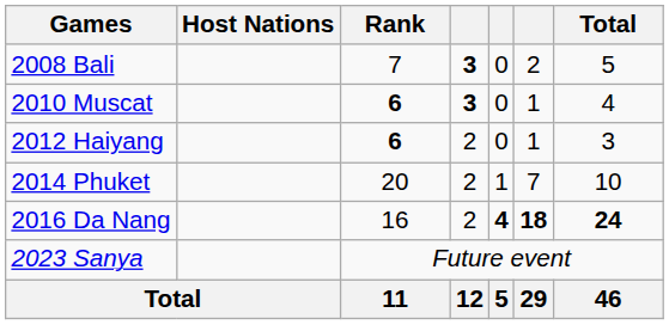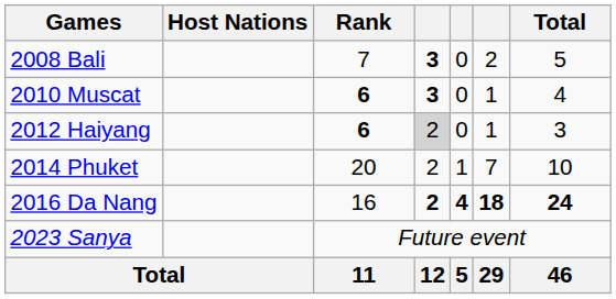 <table class="wikitable sortable" style="margin-top:0; text-align:center;">
 <tr>
 <th>Games</th>
 <th>Host Nations</th>
 <th style="width:4em;">Rank<br></th>
 <th></th>
 <th></th>
 <th></th>
 <th style="width:4em;">Total</th>
 </tr>
 <tr>
 <td align=left><a href='#'>2008 Bali</a></td>
 <td></td>
 <td>7</td>
 <td><strong>3</strong></td>
 <td>0</td>
 <td>2</td>
 <td>5</td>
 </tr>
 <tr>
 <td align=left><a href='#'>2010 Muscat</a></td>
 <td></td>
 <td><strong>6</strong></td>
 <td><strong>3</strong></td>
 <td>0</td>
 <td>1</td>
 <td>4</td>
 </tr>
 <tr>
 <td align=left><a href='#'>2012 Haiyang</a></td>
 <td></td>
 <td><strong>6</strong></td>
-<td>2</td>
+<td style="background: lightgrey;">2</td>
 <td>0</td>
 <td>1</td>
 <td>3</td>
 </tr>
 <tr>
 <td align=left><a href='#'>2014 Phuket</a></td>
 <td></td>
 <td>20</td>
 <td>2</td>
 <td>1</td>
 <td>7</td>
 <td>10</td>
 </tr>
 <tr>
 <td align=left><a href='#'>2016 Da Nang</a></td>
 <td></td>
 <td>16</td>
-<td>2</td>
+<td><strong>2</strong></td>
 <td><strong>4</strong></td>
 <td><strong>18</strong></td>
 <td><strong>24</strong></td>
 </tr>
 <tr>
 <td align=left><em><a href='#'>2023 Sanya</a></em></td>
 <td></td>
 <td colspan=5><em>Future event</em></td>
 </tr>
 <tr>
 <th colspan=2>Total</th>
 <th>11</th>
 <th>12</th>
 <th>5</th>
 <th>29</th>
 <th>46</th>
 </tr>
 </table>
